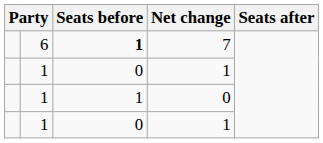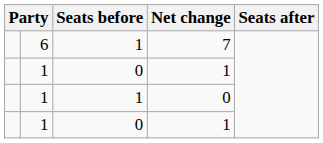 <table class=wikitable style="text-align:right">
 <tr>
 <th colspan="2">Party</th>
 <th>Seats before</th>
 <th>Net change</th>
 <th>Seats after</th>
 </tr>
 <tr>
 <td></td>
 <td>6</td>
-<td><strong> 1</strong></td>
+<td> 1</td>
 <td>7</td>
 </tr>
 <tr>
 <td></td>
 <td>1</td>
 <td> 0</td>
 <td>1</td>
 </tr>
 <tr>
 <td></td>
 <td>1</td>
 <td> 1</td>
 <td>0</td>
 </tr>
 <tr>
 <td></td>
 <td>1</td>
 <td> 0</td>
 <td>1</td>
 </tr>
 </table>
